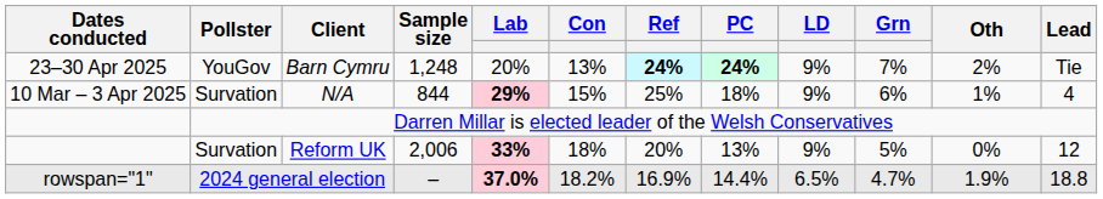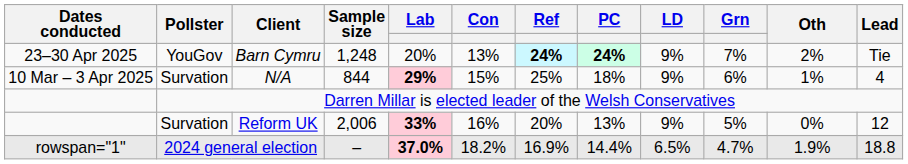 <table class="wikitable sortable mw-datatable" style="text-align:center; font-size:90%; line-height:14px;">
 <tr>
 <th rowspan="2">Dates <br>conducted</th>
 <th rowspan="2">Pollster</th>
 <th rowspan="2">Client</th>
 <th data-sort-type="number" rowspan="2">Sample <br>size</th>
 <th class="unsortable" style="width:50px;"><a href='#'>Lab</a></th>
 <th class="unsortable" style="width:50px;"><a href='#'>Con</a></th>
 <th class="unsortable" style="width:50px;"><a href='#'>Ref</a></th>
 <th class="unsortable" style="width:50px;"><a href='#'>PC</a></th>
 <th class="unsortable" style="width:50px;"><a href='#'>LD</a></th>
 <th class="unsortable" style="width:50px;"><a href='#'>Grn</a></th>
 <th rowspan="2" class="unsortable" style="width:75px;">Oth</th>
 <th data-sort-type="number" rowspan="2">Lead</th>
 </tr>
 <tr>
 <th data-sort-type="number" style="background:"></th>
 <th data-sort-type="number" style="background:"></th>
 <th data-sort-type="number" style="background:"></th>
 <th data-sort-type="number" style="background:"></th>
 <th data-sort-type="number" style="background:"></th>
 <th data-sort-type="number" style="background:"></th>
 </tr>
 <tr>
 <td>23–30 Apr 2025</td>
 <td>YouGov</td>
 <td><em>Barn Cymru</em></td>
 <td>1,248</td>
 <td>20%</td>
 <td>13%</td>
 <td style="background:#ccf8ff; color: black;"><strong>24%</strong></td>
 <td style="background:#CCFFE6; color: black;"><strong>24%</strong></td>
 <td>9%</td>
 <td>7%</td>
 <td>2%</td>
 <td data-sort-value="0">Tie</td>
 </tr>
 <tr>
 <td>10 Mar – 3 Apr 2025</td>
 <td>Survation</td>
 <td><em>N/A</em></td>
 <td>844</td>
 <td style="background:#FFCCD9;"><strong>29%</strong></td>
 <td>15%</td>
 <td>25%</td>
 <td>18%</td>
 <td>9%</td>
 <td>6%</td>
 <td>1%</td>
 <td style="background:">4</td>
 </tr>
 <tr>
 <td></td>
 <td colspan="11"><a href='#'>Darren Millar</a> is <a href='#'>elected leader</a> of the <a href='#'>Welsh Conservatives</a></td>
 </tr>
 <tr>
 <td></td>
 <td>Survation</td>
 <td><a href='#'>Reform UK</a></td>
 <td>2,006</td>
 <td style="background:#FFCCD9;"><strong>33%</strong></td>
-<td>18%</td>
+<td>16%</td>
 <td>20%</td>
 <td>13%</td>
 <td>9%</td>
 <td>5%</td>
 <td>0%</td>
 <td style="background:">12</td>
 </tr>
 <tr style="background:#e9e9e9;">
 <td>rowspan="1" </td>
 <td colspan="2"><a href='#'>2024 general election</a></td>
 <td>–</td>
 <td style="background:#ffccd9;"><strong>37.0%</strong></td>
 <td>18.2%</td>
 <td>16.9%</td>
 <td>14.4%</td>
 <td>6.5%</td>
 <td>4.7%</td>
 <td>1.9%</td>
 <td style="background:">18.8</td>
 </tr>
 </table>
